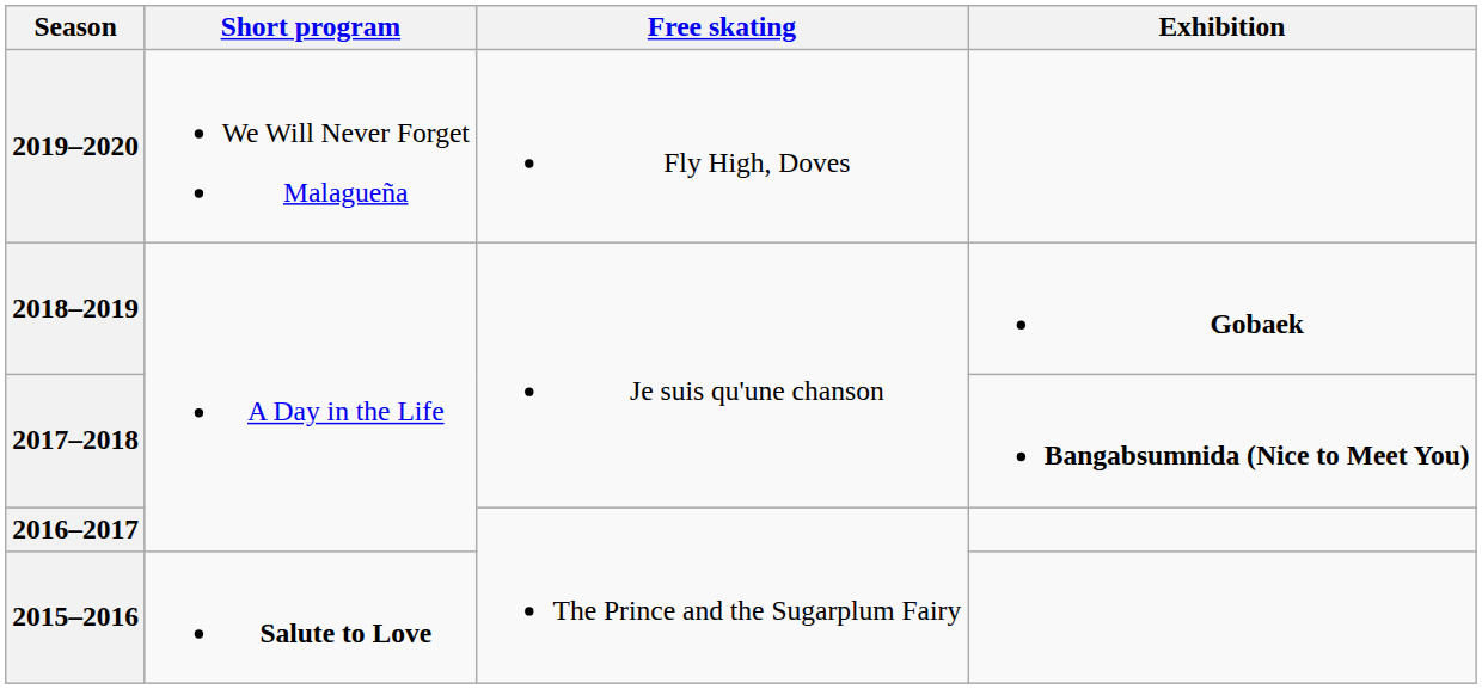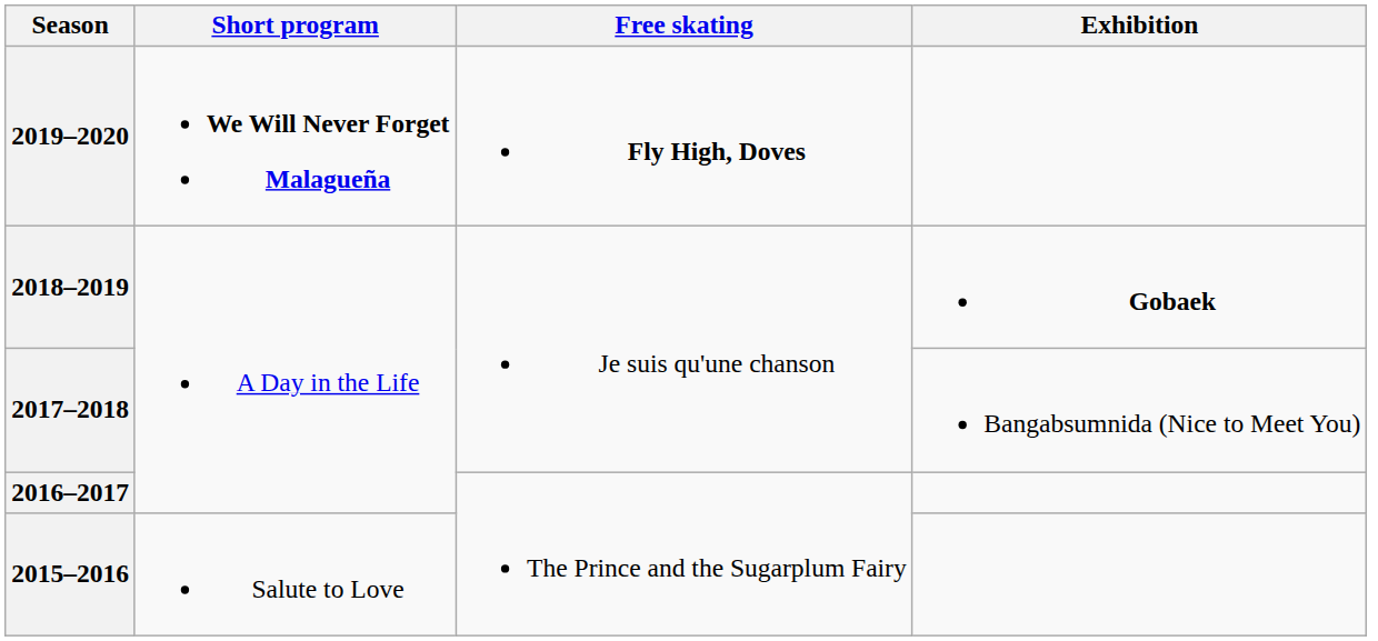 <table class=wikitable style=text-align:center>
 <tr>
 <th>Season</th>
 <th><a href='#'>Short program</a></th>
 <th><a href='#'>Free skating</a></th>
 <th>Exhibition</th>
 </tr>
 <tr>
 <th>2019–2020 <br> </th>
-<td><br><ul><li>We Will Never Forget <br> </li></ul><ul><li><a href='#'>Malagueña</a> <br></li></ul></td>
-<td><br><ul><li>Fly High, Doves <br></li></ul></td>
+<td><strong><br><ul><li>We Will Never Forget <br> </li></ul><ul><li><a href='#'>Malagueña</a> <br></li></ul></strong></td>
+<td><strong><br><ul><li>Fly High, Doves <br></li></ul></strong></td>
 <td></td>
 </tr>
 <tr>
 <th>2018–2019</th>
 <td rowspan=3><br><ul><li><a href='#'>A Day in the Life</a> <br></li></ul></td>
 <td rowspan=2><br><ul><li>Je suis qu'une chanson <br></li></ul></td>
 <td><strong><br><ul><li>Gobaek <br></li></ul></strong></td>
 </tr>
 <tr>
 <th>2017–2018 <br> </th>
-<td><strong><br><ul><li>Bangabsumnida (Nice to Meet You)<br></li></ul></strong></td>
+<td><br><ul><li>Bangabsumnida (Nice to Meet You)<br></li></ul></td>
 </tr>
 <tr>
 <th>2016–2017 <br> </th>
 <td rowspan=2><br><ul><li>The Prince and the Sugarplum Fairy <br></li></ul></td>
 <td></td>
 </tr>
 <tr>
 <th>2015–2016 <br> </th>
-<td><strong><br><ul><li>Salute to Love <br></li></ul></strong></td>
+<td><br><ul><li>Salute to Love <br></li></ul></td>
 <td></td>
 </tr>
 </table>
